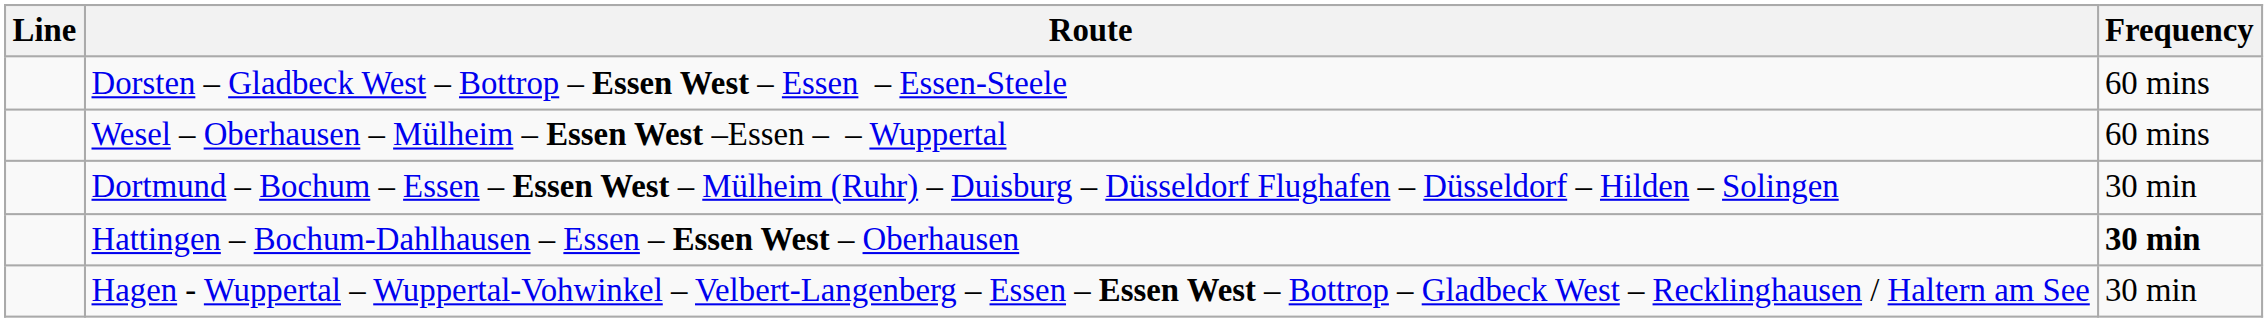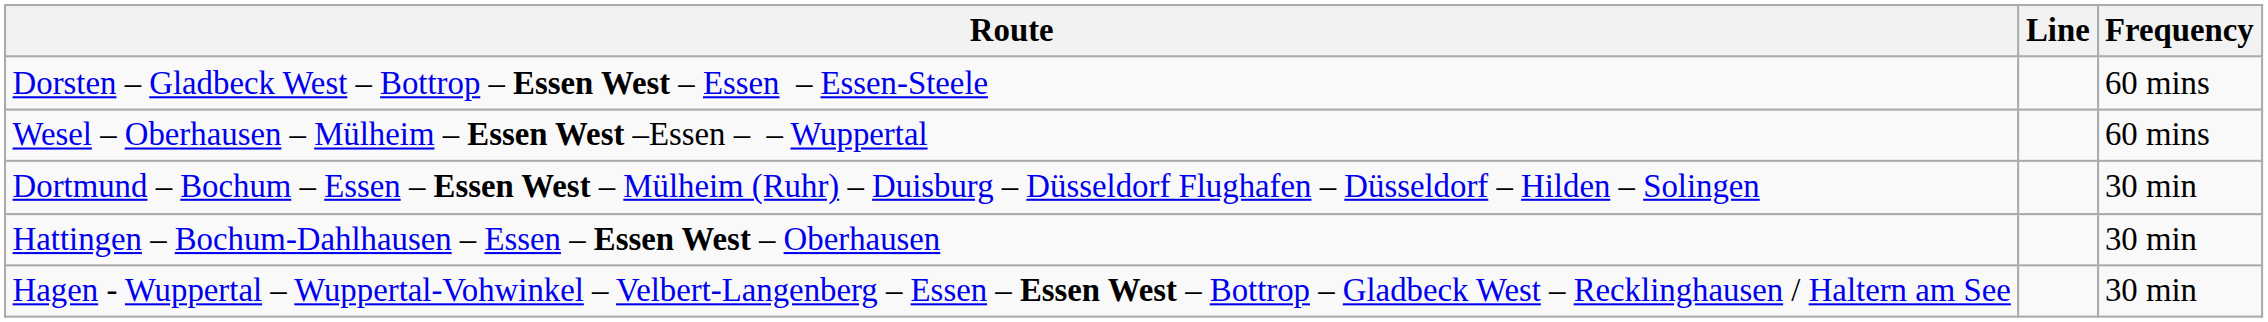 <table class="wikitable">
 <tr>
+<th>Route</th>
 <th>Line</th>
-<th>Route</th>
 <th>Frequency</th>
 </tr>
 <tr>
+<td><a href='#'>Dorsten</a> – <a href='#'>Gladbeck West</a> – <a href='#'>Bottrop</a> – <strong>Essen West</strong> – <a href='#'>Essen</a>  – <a href='#'>Essen-Steele</a></td>
 <td></td>
-<td><a href='#'>Dorsten</a> – <a href='#'>Gladbeck West</a> – <a href='#'>Bottrop</a> – <strong>Essen West</strong> – <a href='#'>Essen</a>  – <a href='#'>Essen-Steele</a></td>
 <td>60 mins</td>
 </tr>
 <tr>
+<td><a href='#'>Wesel</a> – <a href='#'>Oberhausen</a> – <a href='#'>Mülheim</a> – <strong>Essen West</strong> –Essen –  – <a href='#'>Wuppertal</a></td>
 <td></td>
-<td><a href='#'>Wesel</a> – <a href='#'>Oberhausen</a> – <a href='#'>Mülheim</a> – <strong>Essen West</strong> –Essen –  – <a href='#'>Wuppertal</a></td>
 <td>60 mins</td>
 </tr>
 <tr>
+<td><a href='#'>Dortmund</a> – <a href='#'>Bochum</a> – <a href='#'>Essen</a> – <strong>Essen West</strong> – <a href='#'>Mülheim (Ruhr)</a> – <a href='#'>Duisburg</a> – <a href='#'>Düsseldorf Flughafen</a> – <a href='#'>Düsseldorf</a> – <a href='#'>Hilden</a> – <a href='#'>Solingen</a></td>
 <td></td>
-<td><a href='#'>Dortmund</a> – <a href='#'>Bochum</a> – <a href='#'>Essen</a> – <strong>Essen West</strong> – <a href='#'>Mülheim (Ruhr)</a> – <a href='#'>Duisburg</a> – <a href='#'>Düsseldorf Flughafen</a> – <a href='#'>Düsseldorf</a> – <a href='#'>Hilden</a> – <a href='#'>Solingen</a></td>
 <td>30 min</td>
 </tr>
 <tr>
+<td><a href='#'>Hattingen</a> – <a href='#'>Bochum-Dahlhausen</a> – <a href='#'>Essen</a> – <strong>Essen West</strong> – <a href='#'>Oberhausen</a></td>
 <td></td>
-<td><a href='#'>Hattingen</a> – <a href='#'>Bochum-Dahlhausen</a> – <a href='#'>Essen</a> – <strong>Essen West</strong> – <a href='#'>Oberhausen</a></td>
-<td><strong>30 min</strong></td>
+<td>30 min</td>
 </tr>
 <tr>
+<td><a href='#'>Hagen</a> - <a href='#'>Wuppertal</a> – <a href='#'>Wuppertal-Vohwinkel</a> – <a href='#'>Velbert-Langenberg</a> – <a href='#'>Essen</a> – <strong>Essen West</strong> – <a href='#'>Bottrop</a> – <a href='#'>Gladbeck West</a> – <a href='#'>Recklinghausen</a> / <a href='#'>Haltern am See</a></td>
 <td></td>
-<td><a href='#'>Hagen</a> - <a href='#'>Wuppertal</a> – <a href='#'>Wuppertal-Vohwinkel</a> – <a href='#'>Velbert-Langenberg</a> – <a href='#'>Essen</a> – <strong>Essen West</strong> – <a href='#'>Bottrop</a> – <a href='#'>Gladbeck West</a> – <a href='#'>Recklinghausen</a> / <a href='#'>Haltern am See</a></td>
 <td>30 min</td>
 </tr>
 </table>
